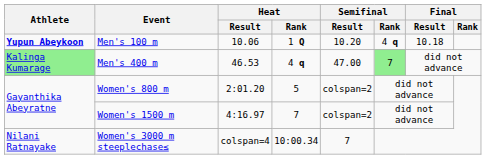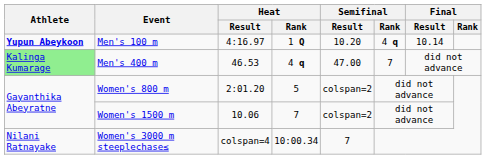 <table class="wikitable" style="font-size:90%">
 <tr>
 <th rowspan=2>Athlete</th>
 <th rowspan=2>Event</th>
 <th colspan=2>Heat</th>
 <th colspan=2>Semifinal</th>
 <th colspan=2>Final</th>
 </tr>
 <tr style="font-size:95%">
 <th>Result</th>
 <th>Rank</th>
 <th>Result</th>
 <th>Rank</th>
 <th>Result</th>
 <th>Rank</th>
 </tr>
 <tr align=center>
 <td align=left><strong><a href='#'>Yupun Abeykoon</a></strong></td>
 <td align=left><a href='#'>Men's 100 m</a></td>
-<td>10.06</td>
+<td>4:16.97</td>
 <td>1 <strong>Q</strong></td>
 <td>10.20</td>
 <td>4 <strong>q</strong></td>
-<td>10.18</td>
+<td>10.14</td>
 <td></td>
 </tr>
 <tr align=center>
 <td align=left style="background: lightgreen;"><a href='#'>Kalinga Kumarage</a></td>
 <td align=left><a href='#'>Men's 400 m</a></td>
 <td>46.53</td>
 <td>4 <strong>q</strong></td>
 <td>47.00</td>
-<td style="background: lightgreen;">7</td>
+<td>7</td>
 <td colspan=2>did not advance</td>
 </tr>
 <tr align=center>
 <td align=left rowspan=2><a href='#'>Gayanthika Abeyratne</a></td>
 <td align=left><a href='#'>Women's 800 m</a></td>
 <td>2:01.20 <strong></strong></td>
 <td>5</td>
 <td>colspan=2 </td>
 <td colspan=2>did not advance</td>
 </tr>
 <tr align=center>
 <td align=left><a href='#'>Women's 1500 m</a></td>
-<td>4:16.97</td>
+<td>10.06</td>
 <td>7</td>
 <td>colspan=2 </td>
 <td colspan=2>did not advance</td>
 </tr>
 <tr align=center>
 <td align=left><a href='#'>Nilani Ratnayake</a></td>
 <td align=left><a href='#'>Women's 3000 m steeplechase≤</a></td>
 <td>colspan=4 </td>
 <td>10:00.34</td>
 <td>7</td>
 </tr>
 </table>
